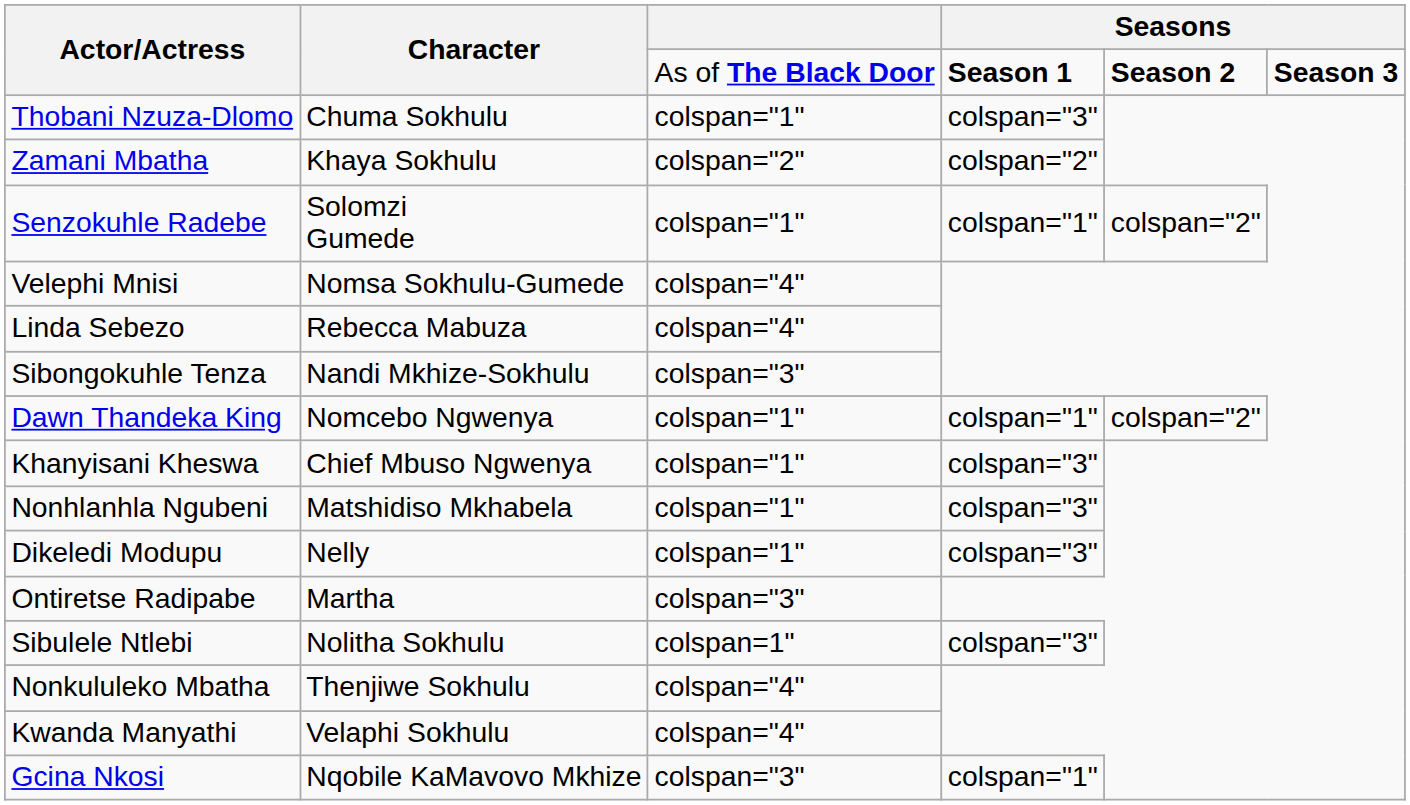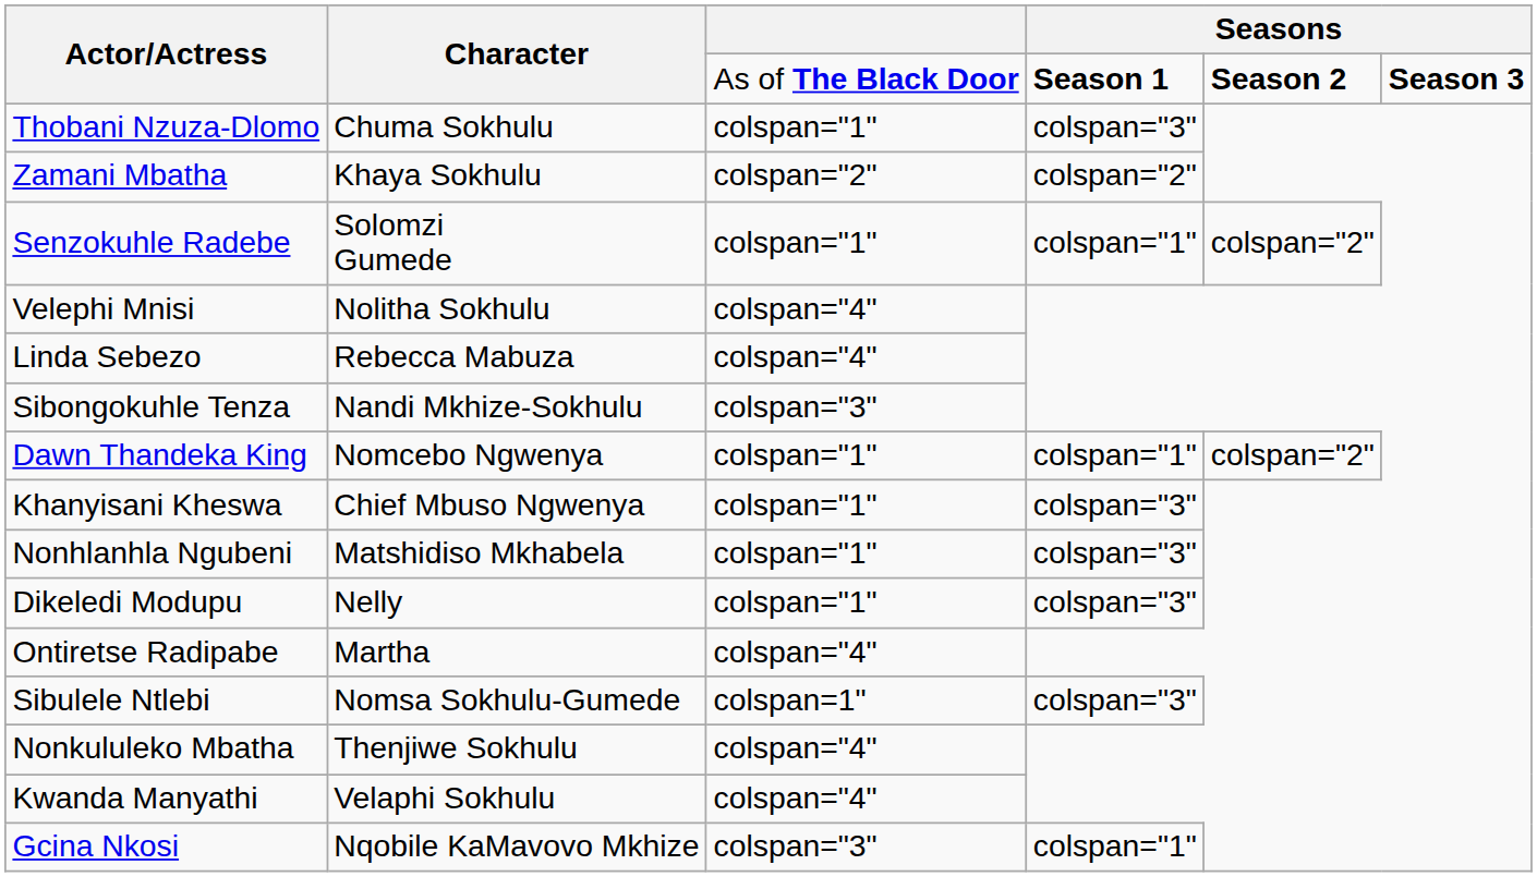 <table class="wikitable">
 <tr>
 <th rowspan="2">Actor/Actress</th>
 <th rowspan="2">Character</th>
 <th></th>
 <th colspan="3">Seasons</th>
 </tr>
 <tr>
 <td>As of <strong><a href='#'>The Black Door</a></strong></td>
 <td><strong>Season 1</strong></td>
 <td><strong>Season 2</strong></td>
 <td><strong>Season 3</strong></td>
 </tr>
 <tr>
 <td><a href='#'>Thobani Nzuza-Dlomo</a></td>
 <td>Chuma Sokhulu</td>
 <td>colspan="1"</td>
 <td>colspan="3"</td>
 </tr>
 <tr>
 <td><a href='#'>Zamani Mbatha</a></td>
 <td>Khaya Sokhulu</td>
 <td>colspan="2"</td>
 <td>colspan="2"</td>
 </tr>
 <tr>
 <td><a href='#'>Senzokuhle Radebe</a></td>
 <td>Solomzi<br>Gumede</td>
 <td>colspan="1"</td>
 <td>colspan="1"</td>
 <td>colspan="2"</td>
 </tr>
 <tr>
 <td>Velephi Mnisi</td>
-<td>Nomsa Sokhulu-Gumede</td>
+<td>Nolitha Sokhulu</td>
 <td>colspan="4"</td>
 </tr>
 <tr>
 <td>Linda Sebezo</td>
 <td>Rebecca Mabuza</td>
 <td>colspan="4"</td>
 </tr>
 <tr>
 <td>Sibongokuhle Tenza</td>
 <td>Nandi Mkhize-Sokhulu</td>
 <td>colspan="3"</td>
 </tr>
 <tr>
 <td><a href='#'>Dawn Thandeka King</a></td>
 <td>Nomcebo Ngwenya</td>
 <td>colspan="1"</td>
 <td>colspan="1"</td>
 <td>colspan="2"</td>
 </tr>
 <tr>
 <td>Khanyisani Kheswa</td>
 <td>Chief Mbuso Ngwenya</td>
 <td>colspan="1"</td>
 <td>colspan="3"</td>
 </tr>
 <tr>
 <td>Nonhlanhla Ngubeni</td>
 <td>Matshidiso Mkhabela</td>
 <td>colspan="1"</td>
 <td>colspan="3"</td>
 </tr>
 <tr>
 <td>Dikeledi Modupu</td>
 <td>Nelly</td>
 <td>colspan="1"</td>
 <td>colspan="3"</td>
 </tr>
 <tr>
 <td>Ontiretse Radipabe</td>
 <td>Martha</td>
-<td>colspan="3"</td>
+<td>colspan="4"</td>
 </tr>
 <tr>
 <td>Sibulele Ntlebi</td>
-<td>Nolitha Sokhulu</td>
+<td>Nomsa Sokhulu-Gumede</td>
 <td>colspan=1"</td>
 <td>colspan="3"</td>
 </tr>
 <tr>
 <td>Nonkululeko Mbatha</td>
 <td>Thenjiwe Sokhulu</td>
 <td>colspan="4"</td>
 </tr>
 <tr>
 <td>Kwanda Manyathi</td>
 <td>Velaphi Sokhulu</td>
 <td>colspan="4"</td>
 </tr>
 <tr>
 <td><a href='#'>Gcina Nkosi</a></td>
 <td>Nqobile KaMavovo Mkhize</td>
 <td>colspan="3"</td>
 <td>colspan="1"</td>
 </tr>
 </table>
